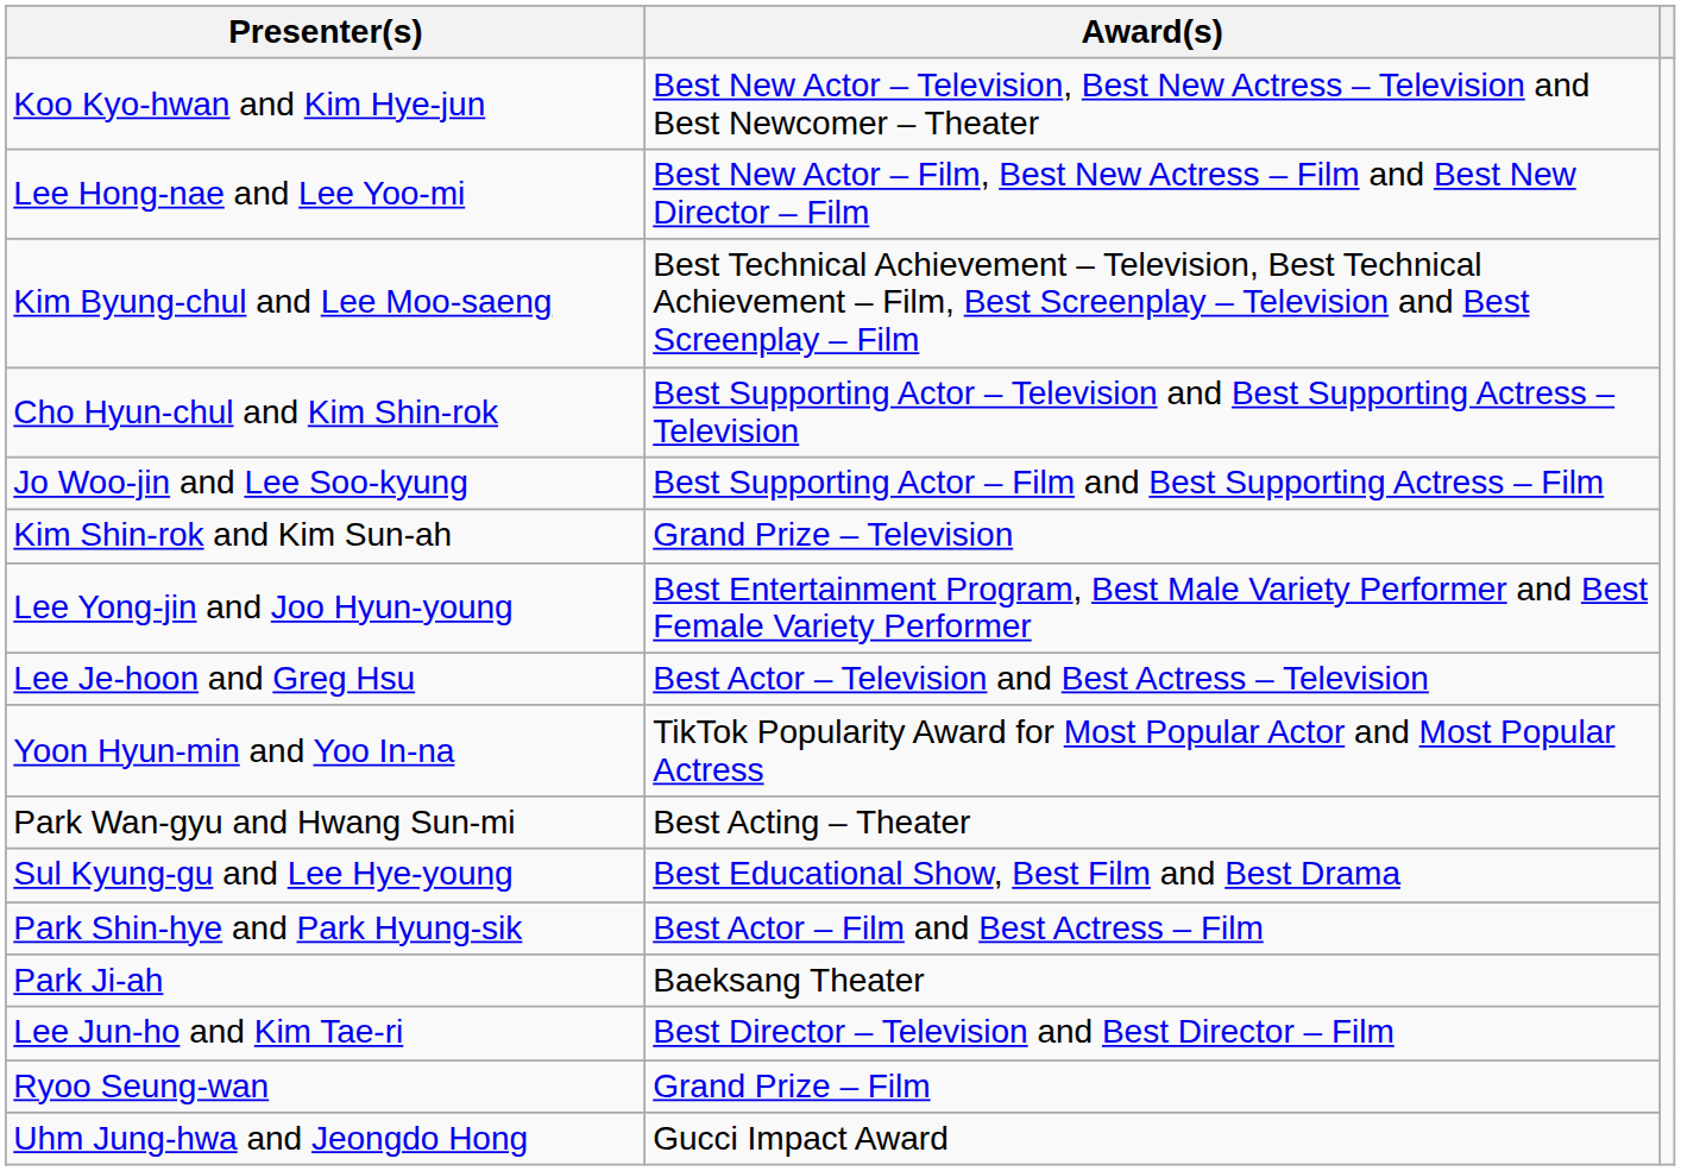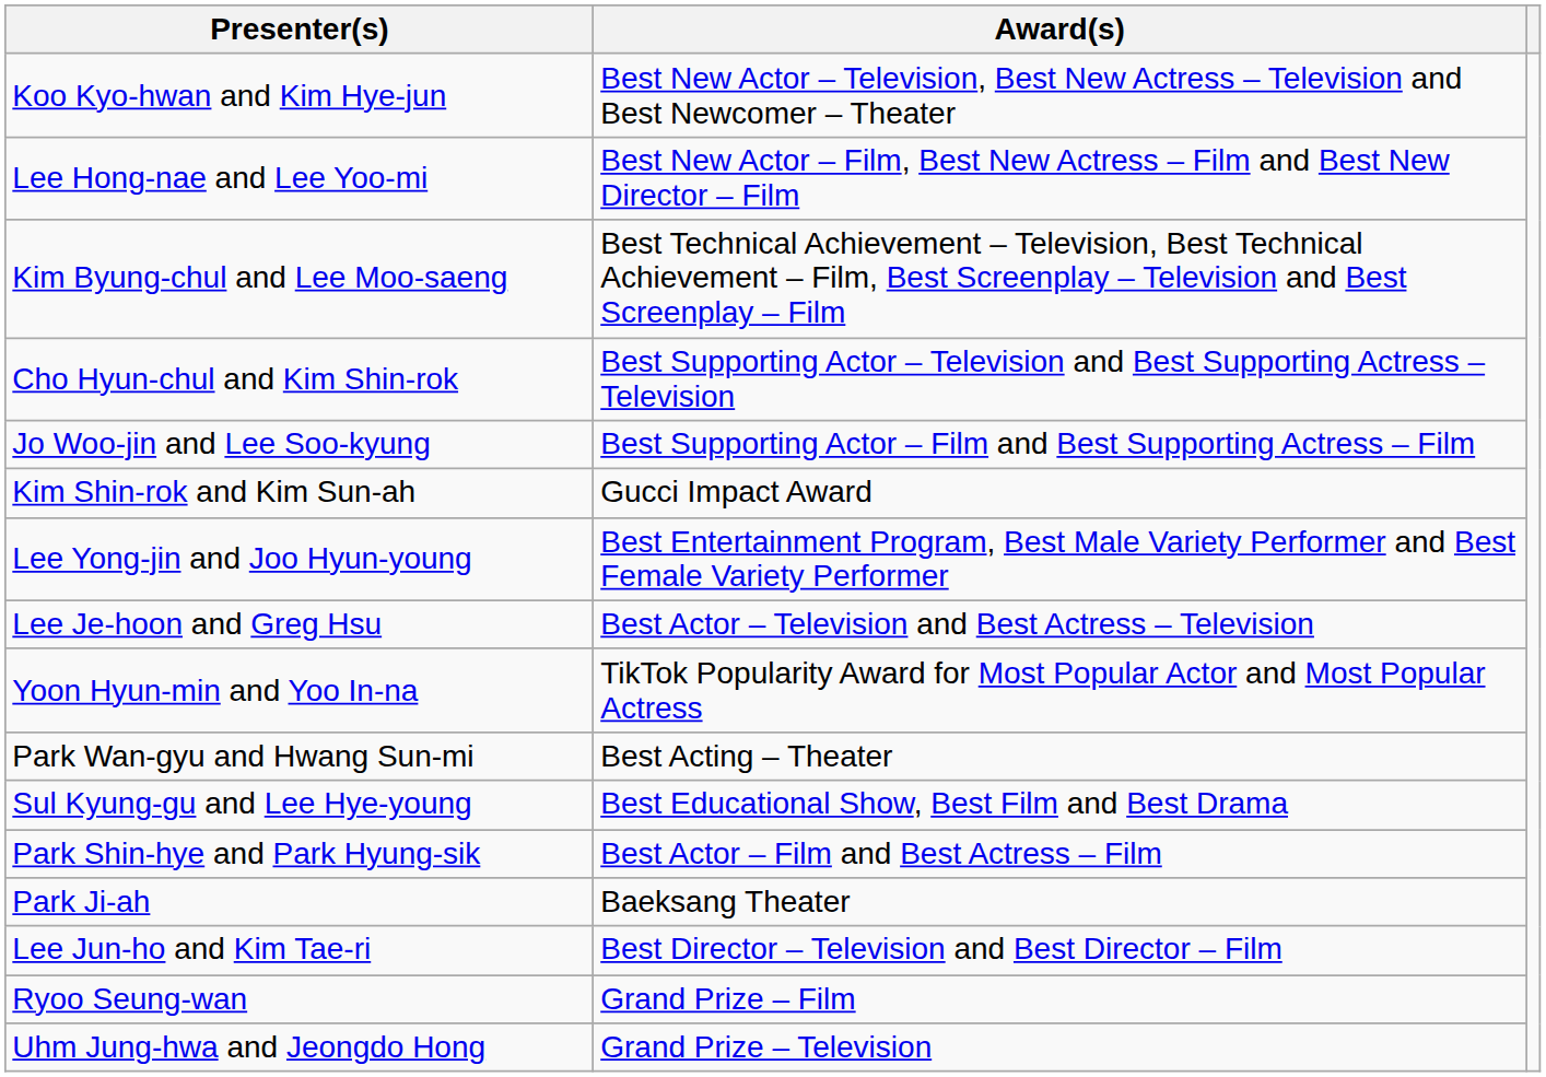 <table class="wikitable sortable">
 <tr>
 <th scope="col" style="width:300px">Presenter(s)</th>
 <th scope="col" style="width:480px">Award(s)</th>
 <th class="unsortable" scope="col"></th>
 </tr>
 <tr>
 <td><a href='#'>Koo Kyo-hwan</a> and <a href='#'>Kim Hye-jun</a></td>
 <td><a href='#'>Best New Actor – Television</a>, <a href='#'>Best New Actress – Television</a> and Best Newcomer – Theater</td>
 <td rowspan="19" style="text-align:center"></td>
 </tr>
 <tr>
 <td><a href='#'>Lee Hong-nae</a> and <a href='#'>Lee Yoo-mi</a></td>
 <td><a href='#'>Best New Actor – Film</a>, <a href='#'>Best New Actress – Film</a> and <a href='#'>Best New Director – Film</a></td>
 </tr>
 <tr>
 <td><a href='#'>Kim Byung-chul</a> and <a href='#'>Lee Moo-saeng</a></td>
 <td>Best Technical Achievement – Television, Best Technical Achievement – Film, <a href='#'>Best Screenplay – Television</a> and <a href='#'>Best Screenplay – Film</a></td>
 </tr>
 <tr>
 <td><a href='#'>Cho Hyun-chul</a> and <a href='#'>Kim Shin-rok</a></td>
 <td><a href='#'>Best Supporting Actor – Television</a> and  <a href='#'>Best Supporting Actress – Television</a></td>
 </tr>
 <tr>
 <td><a href='#'>Jo Woo-jin</a> and <a href='#'>Lee Soo-kyung</a></td>
 <td><a href='#'>Best Supporting Actor – Film</a> and  <a href='#'>Best Supporting Actress – Film</a></td>
 </tr>
 <tr>
 <td><a href='#'>Kim Shin-rok</a> and Kim Sun-ah</td>
-<td><a href='#'>Grand Prize – Television</a></td>
+<td>Gucci Impact Award</td>
 </tr>
 <tr>
 <td><a href='#'>Lee Yong-jin</a> and <a href='#'>Joo Hyun-young</a></td>
 <td><a href='#'>Best Entertainment Program</a>, <a href='#'>Best Male Variety Performer</a> and <a href='#'>Best Female Variety Performer</a></td>
 </tr>
 <tr>
 <td><a href='#'>Lee Je-hoon</a> and <a href='#'>Greg Hsu</a></td>
 <td><a href='#'>Best Actor – Television</a> and <a href='#'>Best Actress – Television</a></td>
 </tr>
 <tr>
 <td><a href='#'>Yoon Hyun-min</a> and <a href='#'>Yoo In-na</a></td>
 <td>TikTok Popularity Award for <a href='#'>Most Popular Actor</a> and <a href='#'>Most Popular Actress</a></td>
 </tr>
 <tr>
 <td>Park Wan-gyu and Hwang Sun-mi</td>
 <td>Best Acting – Theater</td>
 </tr>
 <tr>
 <td><a href='#'>Sul Kyung-gu</a> and <a href='#'>Lee Hye-young</a></td>
 <td><a href='#'>Best Educational Show</a>, <a href='#'>Best Film</a> and <a href='#'>Best Drama</a></td>
 </tr>
 <tr>
 <td><a href='#'>Park Shin-hye</a> and <a href='#'>Park Hyung-sik</a></td>
 <td><a href='#'>Best Actor – Film</a> and <a href='#'>Best Actress – Film</a></td>
 </tr>
 <tr>
 <td><a href='#'>Park Ji-ah</a></td>
 <td>Baeksang Theater</td>
 </tr>
 <tr>
 <td><a href='#'>Lee Jun-ho</a> and <a href='#'>Kim Tae-ri</a></td>
 <td><a href='#'>Best Director – Television</a> and <a href='#'>Best Director – Film</a></td>
 </tr>
 <tr>
 <td><a href='#'>Ryoo Seung-wan</a></td>
 <td><a href='#'>Grand Prize – Film</a></td>
 </tr>
 <tr>
 <td><a href='#'>Uhm Jung-hwa</a> and <a href='#'>Jeongdo Hong</a></td>
-<td>Gucci Impact Award</td>
+<td><a href='#'>Grand Prize – Television</a></td>
 </tr>
 </table>
